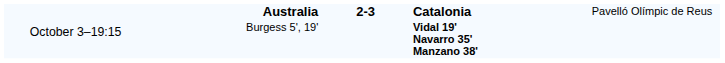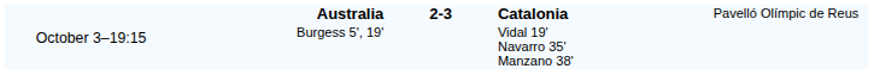 <table style="width: 100%; background:#F5FAFF;" cellspacing="0">
 <tr>
 <td style=font-size:95% align=center rowspan=3 width=20%>October 3–19:15</td>
 </tr>
 <tr>
 <td width=24% align=right><strong>Australia</strong></td>
 <td align=center width=13%><strong>2-3</strong></td>
 <td width=24%><strong>Catalonia</strong></td>
 <td style=font-size:85% rowspan=3 valign=top align=center>Pavelló Olímpic de Reus</td>
 </tr>
 <tr style=font-size:85%>
 <td align=right valign=top>Burgess 5', 19'</td>
 <td></td>
-<td valign=top><strong>Vidal 19'<br>Navarro 35'<br>Manzano 38'</strong></td>
+<td valign=top>Vidal 19'<br>Navarro 35'<br>Manzano 38'</td>
 </tr>
 </table>
